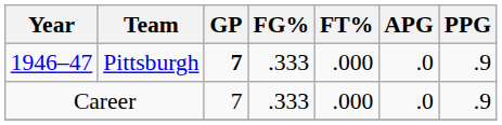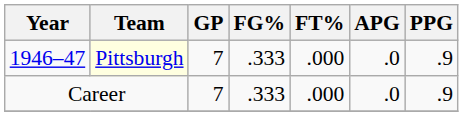 <table class="wikitable sortable" style="font-size:95%; text-align:right;">
 <tr>
 <th>Year</th>
 <th>Team</th>
 <th>GP</th>
 <th>FG%</th>
 <th>FT%</th>
 <th>APG</th>
 <th>PPG</th>
 </tr>
 <tr>
 <td style="text-align:left;"><a href='#'>1946–47</a></td>
-<td style="text-align:left;"><a href='#'>Pittsburgh</a></td>
-<td><strong>7</strong></td>
+<td style="background: lightyellow; text-align:left;"><a href='#'>Pittsburgh</a></td>
+<td>7</td>
 <td>.333</td>
 <td>.000</td>
 <td>.0</td>
 <td>.9</td>
 </tr>
 <tr>
 <td style="text-align:center;" colspan="2">Career</td>
 <td>7</td>
 <td>.333</td>
 <td>.000</td>
 <td>.0</td>
 <td>.9</td>
 </tr>
 <tr>
 </tr>
 </table>
